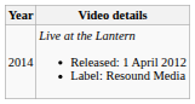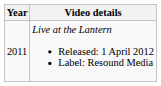 <table class="wikitable">
 <tr>
 <th>Year</th>
 <th>Video details</th>
 </tr>
 <tr>
-<td style="text-align:center;">2014</td>
+<td style="text-align:center;">2011</td>
 <td><em>Live at the Lantern</em><br><ul><li>Released: 1 April 2012</li><li>Label: Resound Media</li></ul></td>
 </tr>
 </table>
